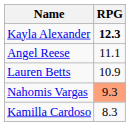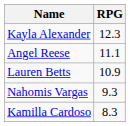 <table class=wikitable>
 <tr>
 <th>Name</th>
 <th>RPG</th>
 </tr>
 <tr>
 <td> <a href='#'>Kayla Alexander</a></td>
-<td align=center><strong>12.3</strong></td>
+<td align=center>12.3</td>
 </tr>
 <tr>
 <td> <a href='#'>Angel Reese</a></td>
 <td align=center>11.1</td>
 </tr>
 <tr>
 <td> <a href='#'>Lauren Betts</a></td>
 <td align=center>10.9</td>
 </tr>
 <tr>
 <td> <a href='#'>Nahomis Vargas</a></td>
-<td align=center style="background: lightsalmon;">9.3</td>
+<td align=center>9.3</td>
 </tr>
 <tr>
 <td> <a href='#'>Kamilla Cardoso</a></td>
 <td align=center>8.3</td>
 </tr>
 </table>
